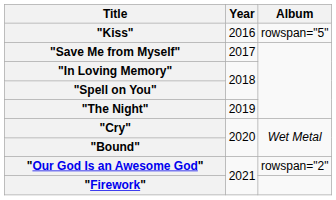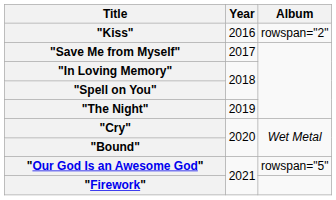 <table class="wikitable plainrowheaders" style="text-align:center;">
 <tr>
 <th style="width:18em;">Title</th>
 <th>Year</th>
 <th>Album</th>
 </tr>
 <tr>
 <th scope="row">"Kiss"</th>
 <td>2016</td>
-<td>rowspan="5" </td>
+<td>rowspan="2"  </td>
 </tr>
 <tr>
 <th scope="row">"Save Me from Myself"</th>
 <td>2017</td>
 </tr>
 <tr>
 <th scope="row">"In Loving Memory"</th>
 <td rowspan="2">2018</td>
 </tr>
 <tr>
 <th scope="row">"Spell on You"</th>
 </tr>
 <tr>
 <th scope="row">"The Night"</th>
 <td>2019</td>
 </tr>
 <tr>
 <th scope="row">"Cry"</th>
 <td rowspan="2">2020</td>
 <td rowspan="2"><em>Wet Metal</em></td>
 </tr>
 <tr>
 <th scope="row">"Bound"</th>
 </tr>
 <tr>
 <th scope="row">"<a href='#'>Our God Is an Awesome God</a>"</th>
 <td rowspan="2">2021</td>
-<td>rowspan="2"  </td>
+<td>rowspan="5" </td>
 </tr>
 <tr>
 <th scope="row">"<a href='#'>Firework</a>"</th>
 </tr>
 </table>
